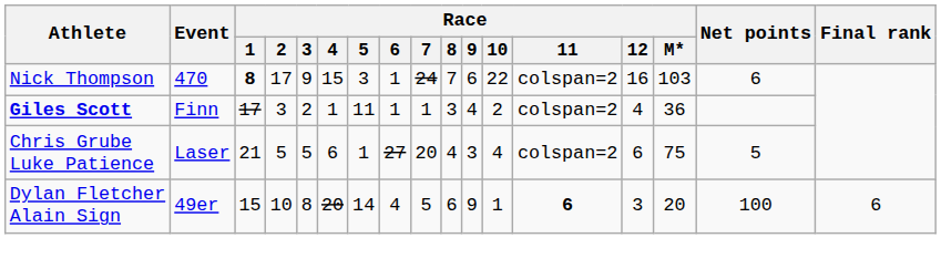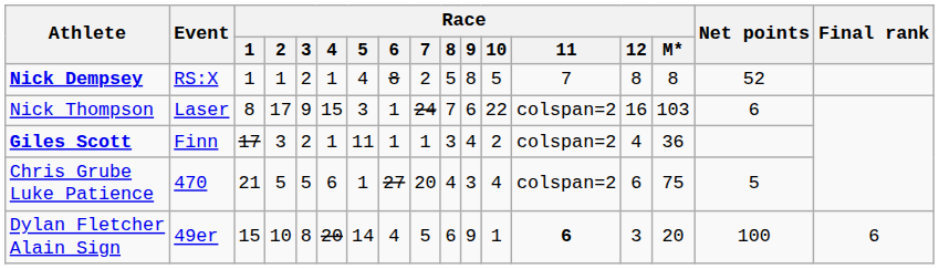 <table class="wikitable" style="font-size:90%">
 <tr>
 <th rowspan="2">Athlete</th>
 <th rowspan="2">Event</th>
 <th colspan=13>Race</th>
 <th rowspan=2>Net points</th>
 <th rowspan=2>Final rank</th>
 </tr>
 <tr style="font-size:95%">
 <th>1</th>
 <th>2</th>
 <th>3</th>
 <th>4</th>
 <th>5</th>
 <th>6</th>
 <th>7</th>
 <th>8</th>
 <th>9</th>
 <th>10</th>
 <th>11</th>
 <th>12</th>
 <th>M*</th>
 </tr>
 <tr align=center>
+<td align=left><strong><a href='#'>Nick Dempsey</a></strong></td>
+<td align=left><a href='#'>RS:X</a></td>
+<td>1</td>
+<td>1</td>
+<td>2</td>
+<td>1</td>
+<td>4</td>
+<td><s>8<br><small></small></s></td>
+<td>2</td>
+<td>5</td>
+<td>8</td>
+<td>5</td>
+<td>7</td>
+<td>8</td>
+<td>8</td>
+<td>52</td>
+<td></td>
+</tr>
+<tr align=center>
 <td align=left><a href='#'>Nick Thompson</a></td>
-<td align=left><a href='#'>470</a></td>
-<td><strong>8</strong></td>
+<td align=left><a href='#'>Laser</a></td>
+<td>8</td>
 <td>17</td>
 <td>9</td>
 <td>15</td>
 <td>3</td>
 <td>1</td>
 <td><s>24</s></td>
 <td>7</td>
 <td>6</td>
 <td>22</td>
 <td>colspan=2 </td>
 <td>16</td>
 <td>103</td>
 <td>6</td>
 </tr>
 <tr align=center>
 <td align=left><strong><a href='#'>Giles Scott</a></strong></td>
 <td align=left><a href='#'>Finn</a></td>
 <td><s>17</s></td>
 <td>3</td>
 <td>2</td>
 <td>1</td>
 <td>11</td>
 <td>1</td>
 <td>1</td>
 <td>3</td>
 <td>4</td>
 <td>2</td>
 <td>colspan=2 </td>
 <td>4</td>
 <td>36</td>
 <td></td>
 </tr>
 <tr align=center>
 <td align=left><a href='#'>Chris Grube</a><br><a href='#'>Luke Patience</a></td>
-<td align=left><a href='#'>Laser</a></td>
+<td align=left><a href='#'>470</a></td>
 <td>21</td>
 <td>5</td>
 <td>5</td>
 <td>6</td>
 <td>1</td>
 <td><s>27</s></td>
 <td>20</td>
 <td>4</td>
 <td>3</td>
 <td>4</td>
 <td>colspan=2 </td>
 <td>6</td>
 <td>75</td>
 <td>5</td>
 </tr>
 <tr align=center>
 <td align=left><a href='#'>Dylan Fletcher</a><br><a href='#'>Alain Sign</a></td>
 <td align=left><a href='#'>49er</a></td>
 <td>15</td>
 <td>10</td>
 <td>8</td>
 <td><s>20</s></td>
 <td>14</td>
 <td>4</td>
 <td>5</td>
 <td>6</td>
 <td>9</td>
 <td>1</td>
 <td><strong>6</strong></td>
 <td>3</td>
 <td>20</td>
 <td>100</td>
 <td>6</td>
 </tr>
 </table>
